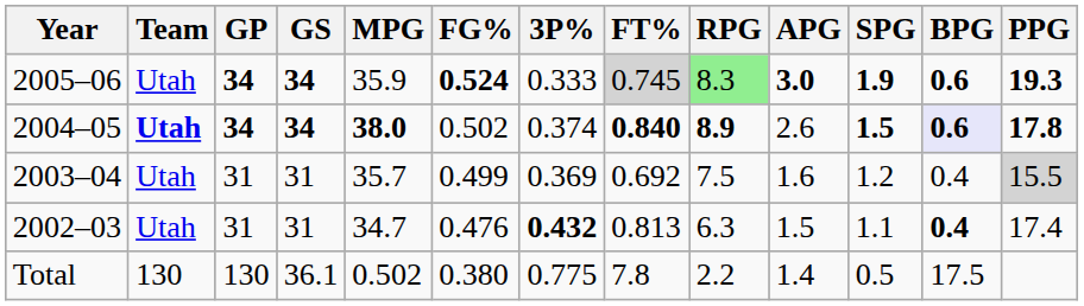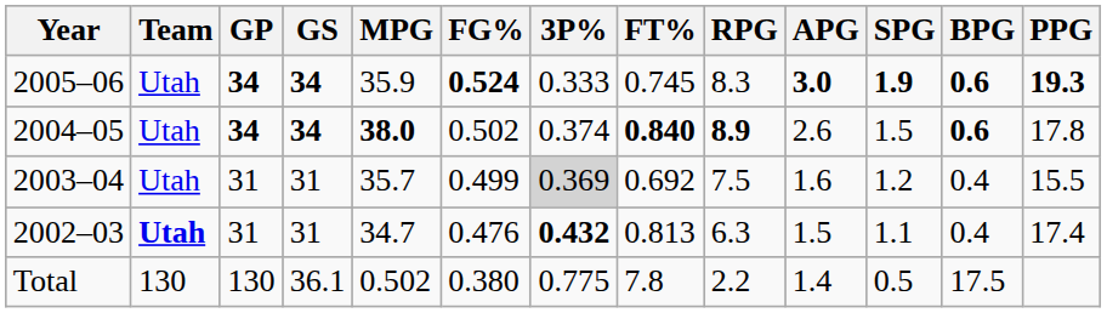 <table class="wikitable">
 <tr>
 <th>Year</th>
 <th>Team</th>
 <th>GP</th>
 <th>GS</th>
 <th>MPG</th>
 <th>FG%</th>
 <th>3P%</th>
 <th>FT%</th>
 <th>RPG</th>
 <th>APG</th>
 <th>SPG</th>
 <th>BPG</th>
 <th>PPG</th>
 </tr>
 <tr>
 <td>2005–06</td>
 <td><a href='#'>Utah</a></td>
 <td><strong>34</strong></td>
 <td><strong>34</strong></td>
 <td>35.9</td>
 <td><strong>0.524</strong></td>
 <td>0.333</td>
-<td style="background: lightgrey;">0.745</td>
-<td style="background: lightgreen;">8.3</td>
+<td>0.745</td>
+<td>8.3</td>
 <td><strong>3.0</strong></td>
 <td><strong>1.9</strong></td>
 <td><strong>0.6</strong></td>
 <td><strong>19.3</strong></td>
 </tr>
 <tr>
 <td>2004–05</td>
-<td><strong><a href='#'>Utah</a></strong></td>
+<td><a href='#'>Utah</a></td>
 <td><strong>34</strong></td>
 <td><strong>34</strong></td>
 <td><strong>38.0</strong></td>
 <td>0.502</td>
 <td>0.374</td>
 <td><strong>0.840</strong></td>
 <td><strong>8.9</strong></td>
 <td>2.6</td>
-<td><strong>1.5</strong></td>
-<td style="background: lavender;"><strong>0.6</strong></td>
-<td><strong>17.8</strong></td>
+<td>1.5</td>
+<td><strong>0.6</strong></td>
+<td>17.8</td>
 </tr>
 <tr>
 <td>2003–04</td>
 <td><a href='#'>Utah</a></td>
 <td>31</td>
 <td>31</td>
 <td>35.7</td>
 <td>0.499</td>
-<td>0.369</td>
+<td style="background: lightgrey;">0.369</td>
 <td>0.692</td>
 <td>7.5</td>
 <td>1.6</td>
 <td>1.2</td>
 <td>0.4</td>
-<td style="background: lightgrey;">15.5</td>
+<td>15.5</td>
 </tr>
 <tr>
 <td>2002–03</td>
-<td><a href='#'>Utah</a></td>
+<td><strong><a href='#'>Utah</a></strong></td>
 <td>31</td>
 <td>31</td>
 <td>34.7</td>
 <td>0.476</td>
 <td><strong>0.432</strong></td>
 <td>0.813</td>
 <td>6.3</td>
 <td>1.5</td>
 <td>1.1</td>
-<td><strong>0.4</strong></td>
+<td>0.4</td>
 <td>17.4</td>
 </tr>
 <tr>
 <td>Total</td>
 <td>130</td>
 <td>130</td>
 <td>36.1</td>
 <td>0.502</td>
 <td>0.380</td>
 <td>0.775</td>
 <td>7.8</td>
 <td>2.2</td>
 <td>1.4</td>
 <td>0.5</td>
 <td>17.5</td>
 </tr>
 </table>
